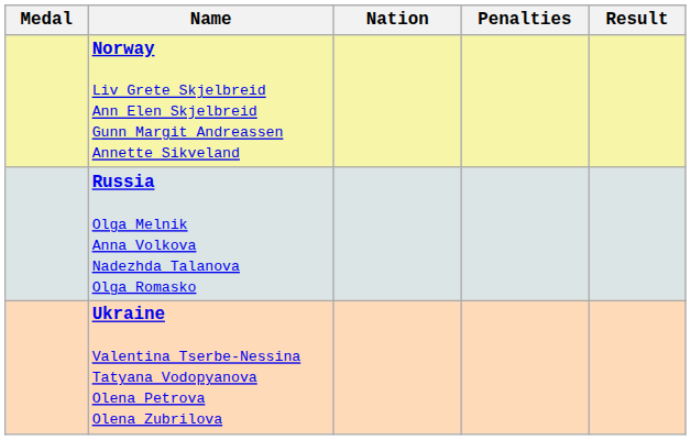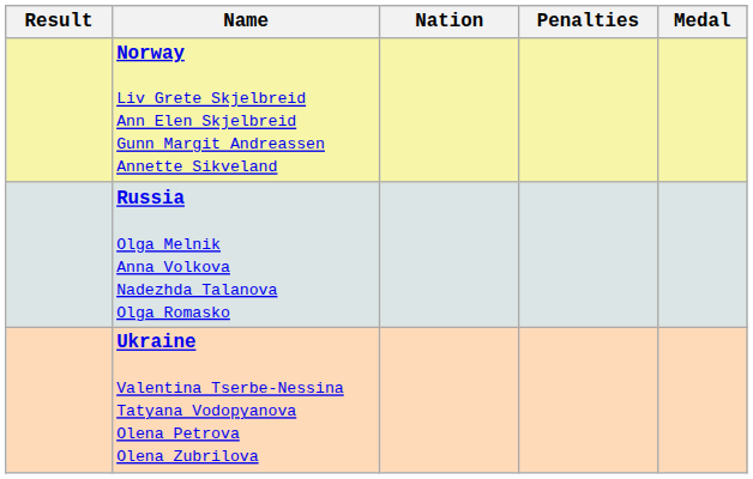 <table class=wikitable style="border:1px solid #AAAAAA;font-size:90%">
 <tr bgcolor="#E4E4E4">
-<th style="border-bottom:1px solid #AAAAAA" width=50>Medal</th>
+<th style="border-bottom:1px solid #AAAAAA" width=60>Result</th>
 <th style="border-bottom:1px solid #AAAAAA" width=160>Name</th>
 <th style="border-bottom:1px solid #AAAAAA" width=80>Nation</th>
 <th style="border-bottom:1px solid #AAAAAA" width=80>Penalties</th>
-<th style="border-bottom:1px solid #AAAAAA" width=60>Result</th>
+<th style="border-bottom:1px solid #AAAAAA" width=50>Medal</th>
 </tr>
 <tr bgcolor="#F7F6A8">
 <td align="center"></td>
 <td><strong><a href='#'>Norway</a></strong><br><br><small><a href='#'>Liv Grete Skjelbreid</a><br><a href='#'>Ann Elen Skjelbreid</a><br><a href='#'>Gunn Margit Andreassen</a><br><a href='#'>Annette Sikveland</a></small></td>
 <td></td>
 <td align="center"></td>
 <td align="center"></td>
 </tr>
 <tr bgcolor="#DCE5E5">
-<td align="center"></td>
+<td align="right"></td>
 <td><strong><a href='#'>Russia</a></strong><br><br><small><a href='#'>Olga Melnik</a><br><a href='#'>Anna Volkova</a><br><a href='#'>Nadezhda Talanova</a><br><a href='#'>Olga Romasko</a></small></td>
 <td></td>
 <td align="center"></td>
-<td align="right"></td>
+<td align="center"></td>
 </tr>
 <tr bgcolor="#FFDAB9">
-<td align="center"></td>
+<td align="right"></td>
 <td><strong><a href='#'>Ukraine</a></strong><br><br><small><a href='#'>Valentina Tserbe-Nessina</a><br><a href='#'>Tatyana Vodopyanova</a><br><a href='#'>Olena Petrova</a><br><a href='#'>Olena Zubrilova</a></small></td>
 <td></td>
 <td align="center"></td>
-<td align="right"></td>
+<td align="center"></td>
 </tr>
 </table>
